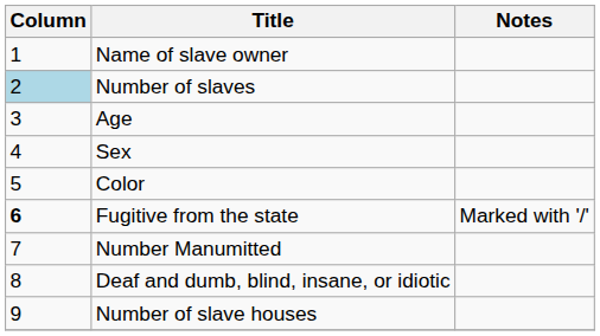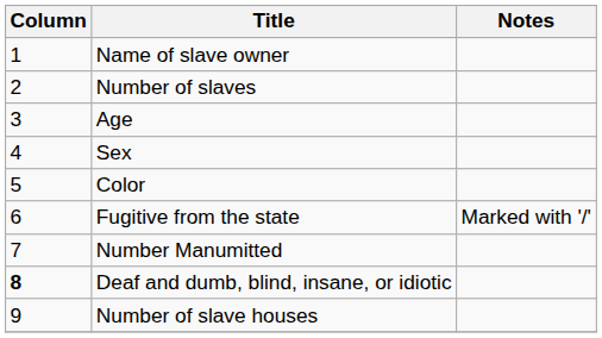 <table border="1" class="wikitable">
 <tr>
 <th>Column</th>
 <th>Title</th>
 <th>Notes</th>
 </tr>
 <tr>
 <td>1</td>
 <td>Name of slave owner</td>
 <td></td>
 </tr>
 <tr>
-<td style="background: lightblue;">2</td>
+<td>2</td>
 <td>Number of slaves</td>
 <td></td>
 </tr>
 <tr>
 <td>3</td>
 <td>Age</td>
 <td></td>
 </tr>
 <tr>
 <td>4</td>
 <td>Sex</td>
 <td></td>
 </tr>
 <tr>
 <td>5</td>
 <td>Color</td>
 <td></td>
 </tr>
 <tr>
-<td><strong>6</strong></td>
+<td>6</td>
 <td>Fugitive from the state</td>
 <td>Marked with '/'</td>
 </tr>
 <tr>
 <td>7</td>
 <td>Number Manumitted</td>
 <td></td>
 </tr>
 <tr>
-<td>8</td>
+<td><strong>8</strong></td>
 <td>Deaf and dumb, blind, insane, or idiotic</td>
 <td></td>
 </tr>
 <tr>
 <td>9</td>
 <td>Number of slave houses</td>
 <td></td>
 </tr>
 <tr>
 </tr>
 </table>
